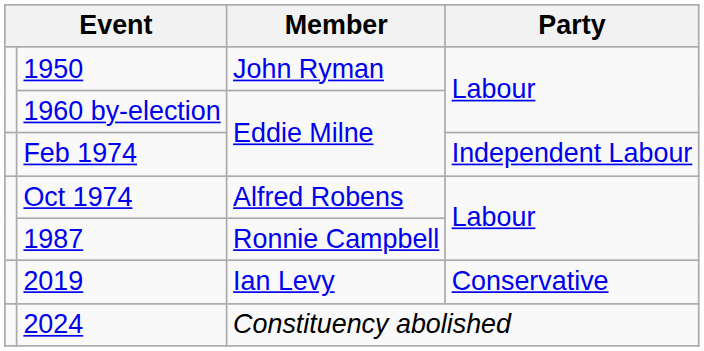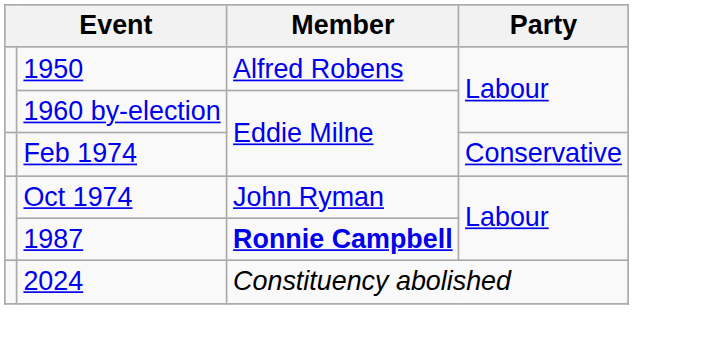 <table class="wikitable">
 <tr>
 <th colspan="2">Event</th>
 <th>Member</th>
 <th>Party</th>
 </tr>
 <tr>
 <td rowspan="2" style="color:inherit;background-color: "></td>
 <td><a href='#'>1950</a></td>
-<td><a href='#'>John Ryman</a></td>
+<td><a href='#'>Alfred Robens</a></td>
 <td rowspan="2"><a href='#'>Labour</a></td>
 </tr>
 <tr>
 <td><a href='#'>1960 by-election</a></td>
 <td rowspan="2"><a href='#'>Eddie Milne</a></td>
 </tr>
 <tr>
 <td style="color:inherit;background-color: "></td>
 <td><a href='#'>Feb 1974</a></td>
-<td><a href='#'>Independent Labour</a></td>
+<td><a href='#'>Conservative</a></td>
 </tr>
 <tr>
 <td rowspan="2" style="color:inherit;background-color: "></td>
 <td><a href='#'>Oct 1974</a></td>
-<td><a href='#'>Alfred Robens</a></td>
+<td><a href='#'>John Ryman</a></td>
 <td rowspan="2"><a href='#'>Labour</a></td>
 </tr>
 <tr>
 <td><a href='#'>1987</a></td>
-<td><a href='#'>Ronnie Campbell</a></td>
-</tr>
-<tr>
-<td style="color:inherit;background-color: "></td>
-<td><a href='#'>2019</a></td>
-<td><a href='#'>Ian Levy</a></td>
-<td><a href='#'>Conservative</a></td>
+<td><strong><a href='#'>Ronnie Campbell</a></strong></td>
 </tr>
 <tr>
 <td></td>
 <td><a href='#'>2024</a></td>
 <td colspan="2"><em>Constituency abolished</em></td>
 </tr>
 </table>
